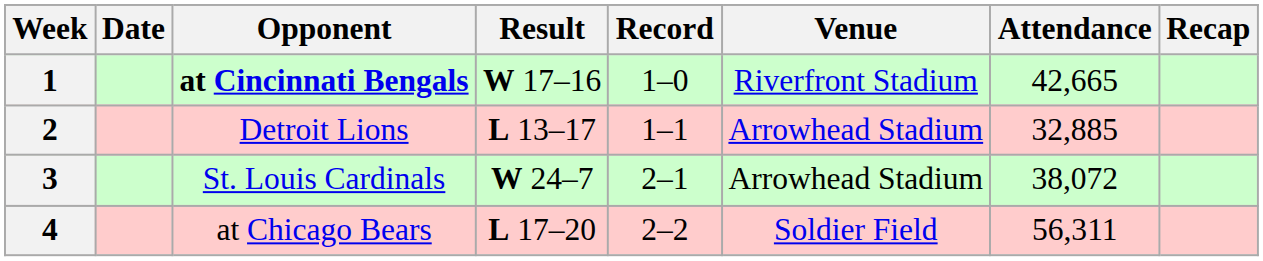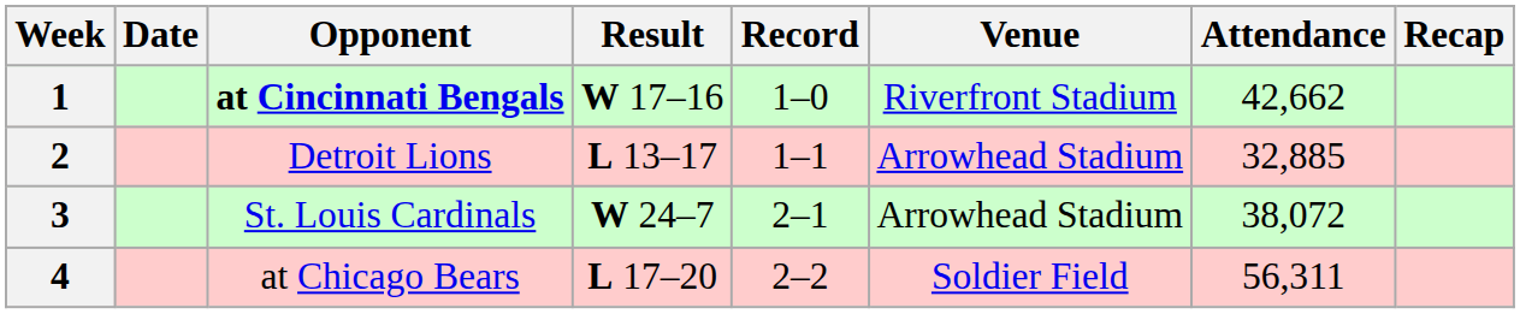 <table class="wikitable" style="text-align:center">
 <tr>
 <th>Week</th>
 <th>Date</th>
 <th>Opponent</th>
 <th>Result</th>
 <th>Record</th>
 <th>Venue</th>
 <th>Attendance</th>
 <th>Recap</th>
 </tr>
 <tr style="background:#cfc">
 <th>1</th>
 <td></td>
 <td><strong>at <a href='#'>Cincinnati Bengals</a></strong></td>
 <td><strong>W</strong> 17–16</td>
 <td>1–0</td>
 <td><a href='#'>Riverfront Stadium</a></td>
-<td>42,665</td>
+<td>42,662</td>
 <td></td>
 </tr>
 <tr style="background:#fcc">
 <th>2</th>
 <td></td>
 <td><a href='#'>Detroit Lions</a></td>
 <td><strong>L</strong> 13–17</td>
 <td>1–1</td>
 <td><a href='#'>Arrowhead Stadium</a></td>
 <td>32,885</td>
 <td></td>
 </tr>
 <tr style="background:#cfc">
 <th>3</th>
 <td></td>
 <td><a href='#'>St. Louis Cardinals</a></td>
 <td><strong>W</strong> 24–7</td>
 <td>2–1</td>
 <td>Arrowhead Stadium</td>
 <td>38,072</td>
 <td></td>
 </tr>
 <tr style="background:#fcc">
 <th>4</th>
 <td></td>
 <td>at <a href='#'>Chicago Bears</a></td>
 <td><strong>L</strong> 17–20  </td>
 <td>2–2</td>
 <td><a href='#'>Soldier Field</a></td>
 <td>56,311</td>
 <td></td>
 </tr>
 </table>
